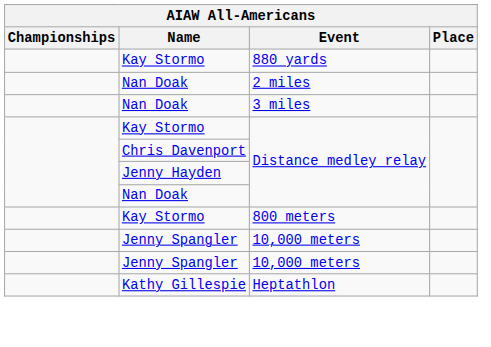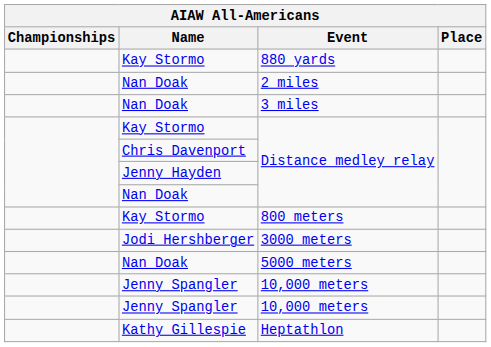 <table class="wikitable sortable">
 <tr>
 <th colspan="4">AIAW All-Americans</th>
 </tr>
 <tr>
 <th scope="col">Championships</th>
 <th scope="col">Name</th>
 <th scope="col">Event</th>
 <th scope="col">Place</th>
 </tr>
 <tr>
 <td></td>
 <td><a href='#'>Kay Stormo</a></td>
 <td><a href='#'>880 yards</a></td>
 <td></td>
 </tr>
 <tr>
 <td></td>
 <td><a href='#'>Nan Doak</a></td>
 <td><a href='#'>2 miles</a></td>
 <td></td>
 </tr>
 <tr>
 <td></td>
 <td><a href='#'>Nan Doak</a></td>
 <td><a href='#'>3 miles</a></td>
 <td></td>
 </tr>
 <tr>
 <td rowspan=4></td>
 <td><a href='#'>Kay Stormo</a></td>
 <td rowspan=4><a href='#'>Distance medley relay</a></td>
 <td rowspan=4></td>
 </tr>
 <tr>
 <td><a href='#'>Chris Davenport</a></td>
 </tr>
 <tr>
 <td><a href='#'>Jenny Hayden</a></td>
 </tr>
 <tr>
 <td><a href='#'>Nan Doak</a></td>
 </tr>
 <tr>
 <td></td>
 <td><a href='#'>Kay Stormo</a></td>
 <td><a href='#'>800 meters</a></td>
 <td></td>
 </tr>
 <tr>
 <td></td>
+<td><a href='#'>Jodi Hershberger</a></td>
+<td><a href='#'>3000 meters</a></td>
+<td></td>
+</tr>
+<tr>
+<td></td>
+<td><a href='#'>Nan Doak</a></td>
+<td><a href='#'>5000 meters</a></td>
+<td></td>
+</tr>
+<tr>
+<td></td>
 <td><a href='#'>Jenny Spangler</a></td>
 <td><a href='#'>10,000 meters</a></td>
 <td></td>
 </tr>
 <tr>
 <td></td>
 <td><a href='#'>Jenny Spangler</a></td>
 <td><a href='#'>10,000 meters</a></td>
 <td></td>
 </tr>
 <tr>
 <td></td>
 <td><a href='#'>Kathy Gillespie</a></td>
 <td><a href='#'>Heptathlon</a></td>
 <td></td>
 </tr>
 </table>
